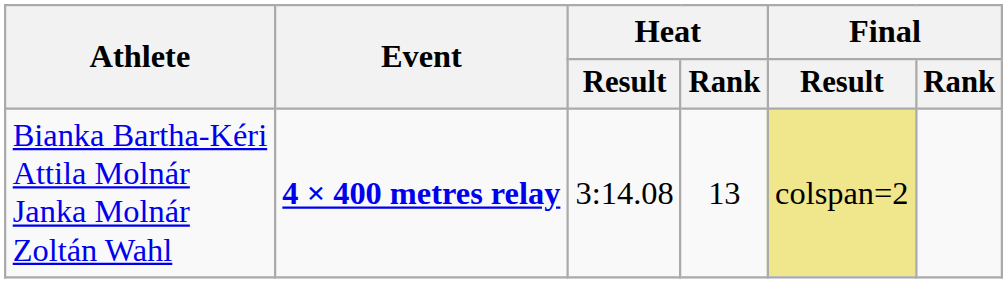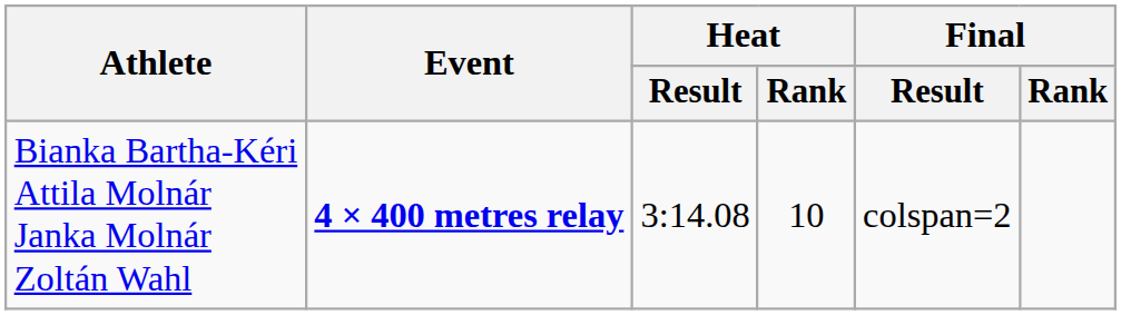 <table class="wikitable" style="font-size:90%">
 <tr>
 <th rowspan="2">Athlete</th>
 <th rowspan="2">Event</th>
 <th colspan="2">Heat</th>
 <th colspan="2">Final</th>
 </tr>
 <tr style="font-size:95%">
 <th>Result</th>
 <th>Rank</th>
 <th>Result</th>
 <th>Rank</th>
 </tr>
 <tr align=center>
 <td align=left><a href='#'>Bianka Bartha-Kéri</a><br><a href='#'>Attila Molnár</a><br><a href='#'>Janka Molnár</a><br><a href='#'>Zoltán Wahl</a></td>
 <td align=left><strong><a href='#'>4 × 400 metres relay</a></strong></td>
 <td>3:14.08 <strong></strong></td>
-<td>13</td>
-<td style="background: khaki;">colspan=2</td>
+<td>10</td>
+<td>colspan=2</td>
 </tr>
 </table>
